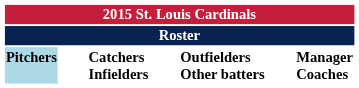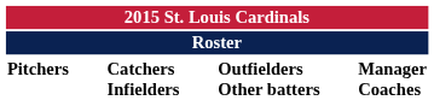 <table class="toccolours" style="font-size: 95%;">
 <tr>
 <th colspan="10" style="background:#c41e3a; color:#fff; text-align:center;">2015 St. Louis Cardinals</th>
 </tr>
 <tr>
 <td colspan="10" style="background:#0a2252; color:#fff; text-align:center;"><strong>Roster</strong></td>
 </tr>
 <tr>
-<td valign="top" style="background: lightblue;"><strong>Pitchers</strong><br>                      </td>
+<td valign="top"><strong>Pitchers</strong><br>                      </td>
 <td style="width:25px;"></td>
 <td valign="top"><strong>Catchers</strong><br>     <strong>Infielders</strong>          </td>
 <td style="width:25px;"></td>
 <td valign="top"><strong>Outfielders</strong><br>       <strong>Other batters</strong> </td>
 <td style="width:25px;"></td>
 <td valign="top"><strong>Manager</strong><br> <strong>Coaches</strong>                  </td>
 </tr>
 </table>
